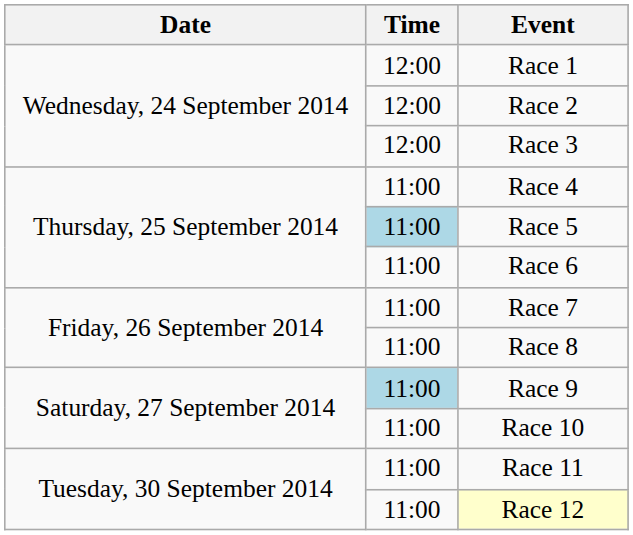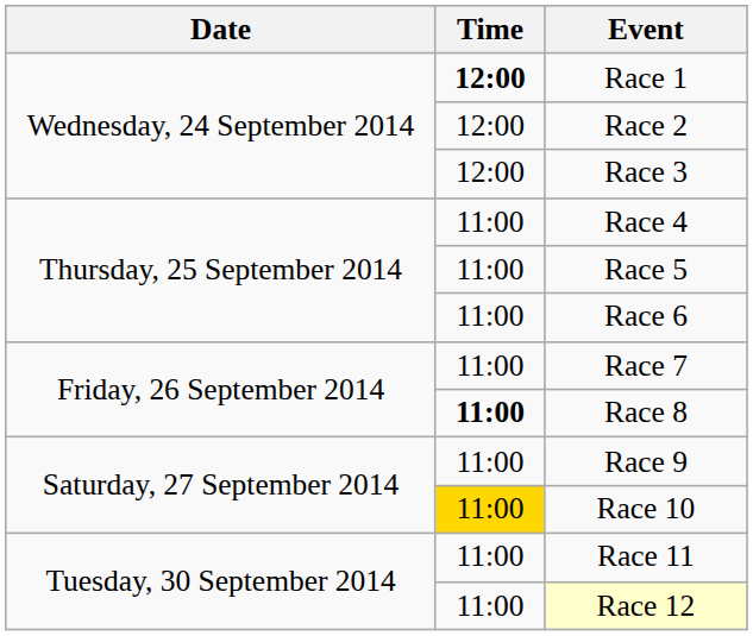 <table class = "wikitable" style="text-align:center;">
 <tr>
 <th width=220>Date</th>
 <th width=50>Time</th>
 <th width=100>Event</th>
 </tr>
 <tr>
 <td rowspan=3>Wednesday, 24 September 2014</td>
-<td>12:00</td>
+<td><strong>12:00</strong></td>
 <td>Race 1</td>
 </tr>
 <tr>
 <td>12:00</td>
 <td>Race 2</td>
 </tr>
 <tr>
 <td>12:00</td>
 <td>Race 3</td>
 </tr>
 <tr>
 <td rowspan=3>Thursday, 25 September 2014</td>
 <td>11:00</td>
 <td>Race 4</td>
 </tr>
 <tr>
-<td style="background: lightblue;">11:00</td>
+<td>11:00</td>
 <td>Race 5</td>
 </tr>
 <tr>
 <td>11:00</td>
 <td>Race 6</td>
 </tr>
 <tr>
 <td rowspan=2>Friday, 26 September 2014</td>
 <td>11:00</td>
 <td>Race 7</td>
 </tr>
 <tr>
-<td>11:00</td>
+<td><strong>11:00</strong></td>
 <td>Race 8</td>
 </tr>
 <tr>
 <td rowspan=2>Saturday, 27 September 2014</td>
-<td style="background: lightblue;">11:00</td>
+<td>11:00</td>
 <td>Race 9</td>
 </tr>
 <tr>
-<td>11:00</td>
+<td style="background: gold;">11:00</td>
 <td>Race 10</td>
 </tr>
 <tr>
 <td rowspan=2>Tuesday, 30 September 2014</td>
 <td>11:00</td>
 <td>Race 11</td>
 </tr>
 <tr>
 <td>11:00</td>
 <td bgcolor=ffffcc>Race 12</td>
 </tr>
 </table>
